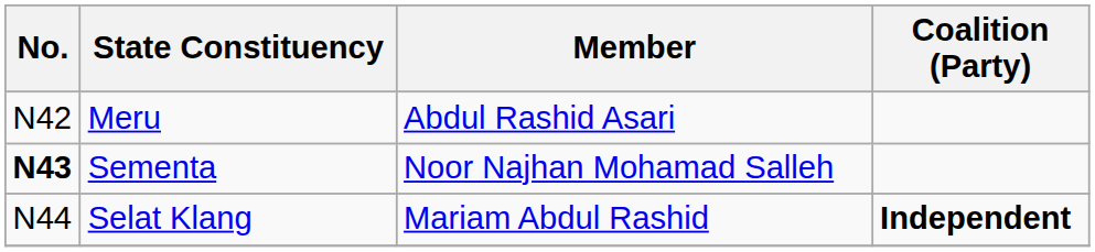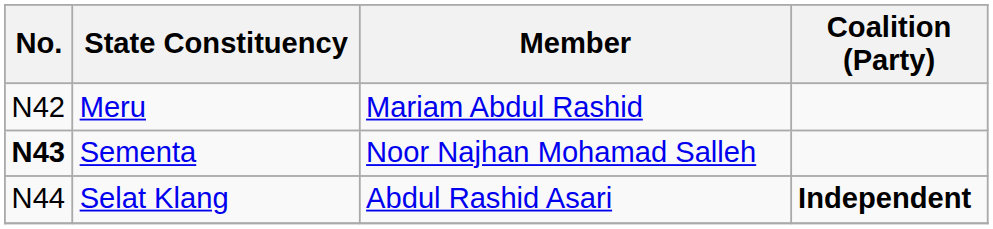 <table class="wikitable">
 <tr>
 <th width="30">No.</th>
 <th width="150">State Constituency</th>
 <th width="230">Member</th>
 <th width="100">Coalition (Party)</th>
 </tr>
 <tr>
 <td>N42</td>
 <td><a href='#'>Meru</a></td>
-<td><a href='#'>Abdul Rashid Asari</a></td>
+<td><a href='#'>Mariam Abdul Rashid</a></td>
 <td></td>
 </tr>
 <tr>
 <td><strong>N43</strong></td>
 <td><a href='#'>Sementa</a></td>
 <td><a href='#'>Noor Najhan Mohamad Salleh</a></td>
 <td></td>
 </tr>
 <tr>
 <td>N44</td>
 <td><a href='#'>Selat Klang</a></td>
-<td><a href='#'>Mariam Abdul Rashid</a></td>
+<td><a href='#'>Abdul Rashid Asari</a></td>
 <td><strong>Independent</strong></td>
 </tr>
 <tr>
 </tr>
 </table>
